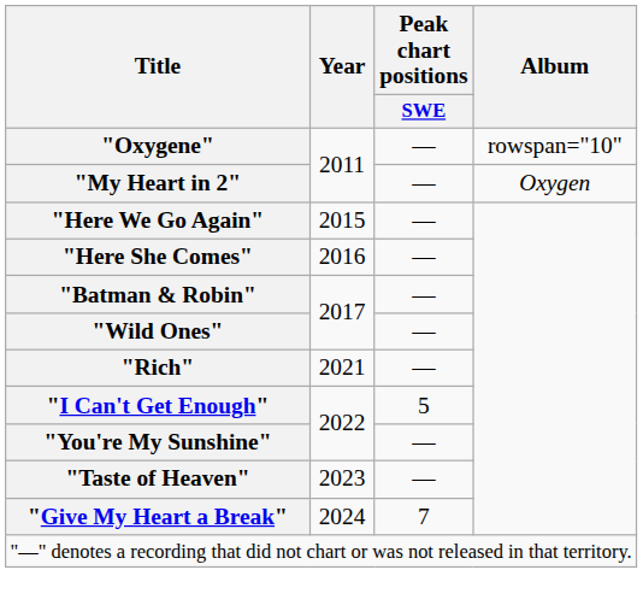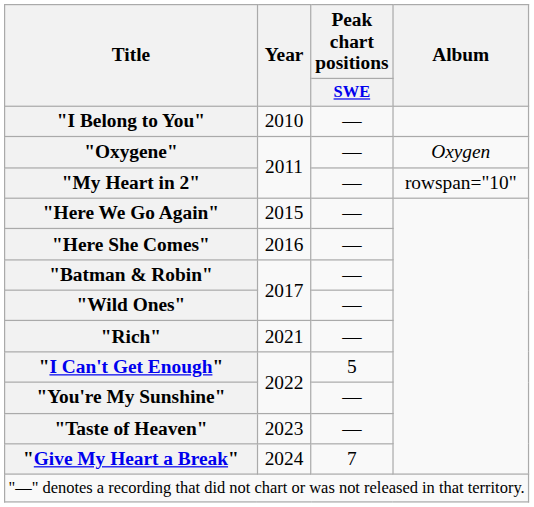 <table class="wikitable plainrowheaders" style="text-align:center;">
 <tr>
 <th scope="col" rowspan="2">Title</th>
 <th scope="col" rowspan="2">Year</th>
 <th scope="col" colspan="1">Peak chart positions</th>
 <th scope="col" rowspan="2">Album</th>
 </tr>
 <tr>
 <th scope="col" style="width:3em;font-size:85%;"><a href='#'>SWE</a><br></th>
 </tr>
 <tr>
+<th scope="row">"I Belong to You"</th>
+<td>2010</td>
+<td>—</td>
+<td></td>
+</tr>
+<tr>
 <th scope="row">"Oxygene"</th>
 <td rowspan="2">2011</td>
 <td>—</td>
-<td>rowspan="10" </td>
+<td><em>Oxygen</em></td>
 </tr>
 <tr>
 <th scope="row">"My Heart in 2"</th>
 <td>—</td>
-<td><em>Oxygen</em></td>
+<td>rowspan="10" </td>
 </tr>
 <tr>
 <th scope="row">"Here We Go Again"</th>
 <td>2015</td>
 <td>—</td>
 </tr>
 <tr>
 <th scope="row">"Here She Comes"</th>
 <td>2016</td>
 <td>—</td>
 </tr>
 <tr>
 <th scope="row">"Batman & Robin"<br></th>
 <td rowspan="2">2017</td>
 <td>—</td>
 </tr>
 <tr>
 <th scope="row">"Wild Ones"</th>
 <td>—</td>
 </tr>
 <tr>
 <th scope="row">"Rich"</th>
 <td>2021</td>
 <td>—</td>
 </tr>
 <tr>
 <th scope="row">"<a href='#'>I Can't Get Enough</a>"</th>
 <td rowspan="2">2022</td>
 <td>5</td>
 </tr>
 <tr>
 <th scope="row">"You're My Sunshine"</th>
 <td>—</td>
 </tr>
 <tr>
 <th scope="row">"Taste of Heaven"</th>
 <td>2023</td>
 <td>—</td>
 </tr>
 <tr>
 <th scope="row">"<a href='#'>Give My Heart a Break</a>"</th>
 <td>2024</td>
 <td>7</td>
 </tr>
 <tr>
 <td colspan="4" style="font-size:85%">"—" denotes a recording that did not chart or was not released in that territory.</td>
 </tr>
 </table>
